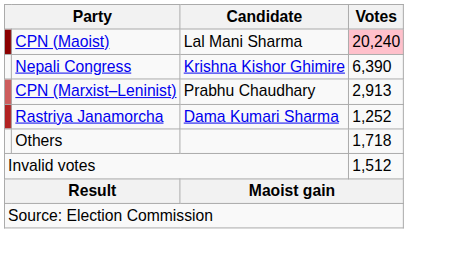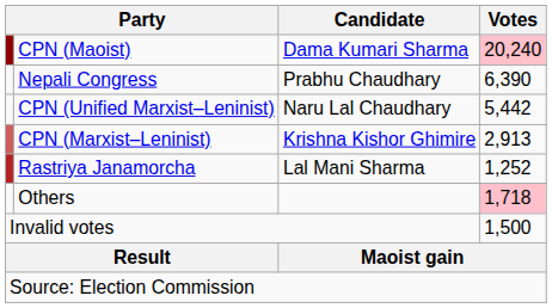 <table class="wikitable">
 <tr>
 <th colspan="2">Party</th>
 <th>Candidate</th>
 <th>Votes</th>
 </tr>
 <tr>
 <td style="background-color:darkred"></td>
 <td><a href='#'>CPN (Maoist)</a></td>
-<td>Lal Mani Sharma</td>
+<td><a href='#'>Dama Kumari Sharma</a></td>
 <td style="background: pink;">20,240</td>
 </tr>
 <tr>
 <td style="background-color:"></td>
 <td><a href='#'>Nepali Congress</a></td>
-<td><a href='#'>Krishna Kishor Ghimire</a></td>
+<td>Prabhu Chaudhary</td>
 <td>6,390</td>
+</tr>
+<tr>
+<td style="background-color:"></td>
+<td><a href='#'>CPN (Unified Marxist–Leninist)</a></td>
+<td>Naru Lal Chaudhary</td>
+<td>5,442</td>
 </tr>
 <tr>
 <td style="background-color:indianred"></td>
 <td><a href='#'>CPN (Marxist–Leninist)</a></td>
-<td>Prabhu Chaudhary</td>
+<td><a href='#'>Krishna Kishor Ghimire</a></td>
 <td>2,913</td>
 </tr>
 <tr>
 <td style="background-color:firebrick"></td>
 <td><a href='#'>Rastriya Janamorcha</a></td>
-<td><a href='#'>Dama Kumari Sharma</a></td>
+<td>Lal Mani Sharma</td>
 <td>1,252</td>
 </tr>
 <tr>
 <td></td>
 <td>Others</td>
 <td></td>
-<td>1,718</td>
+<td style="background: pink;">1,718</td>
 </tr>
 <tr>
 <td colspan="3">Invalid votes</td>
-<td>1,512</td>
+<td>1,500</td>
 </tr>
 <tr>
 <th colspan="2">Result</th>
 <th colspan="2">Maoist gain</th>
 </tr>
 <tr>
 <td colspan="4">Source: Election Commission</td>
 </tr>
 </table>
